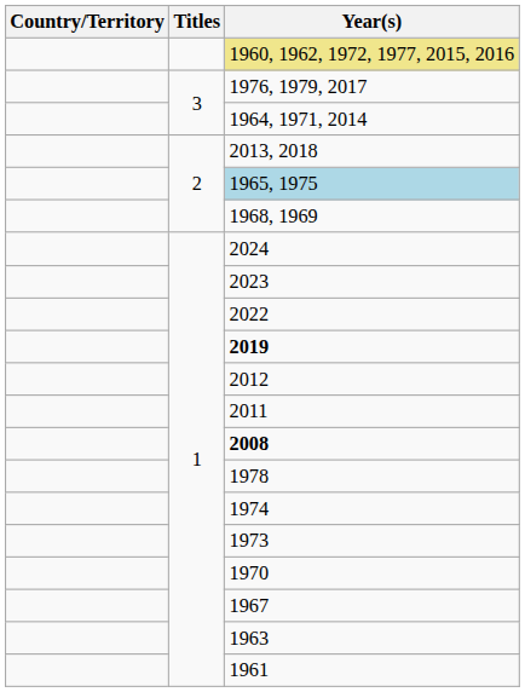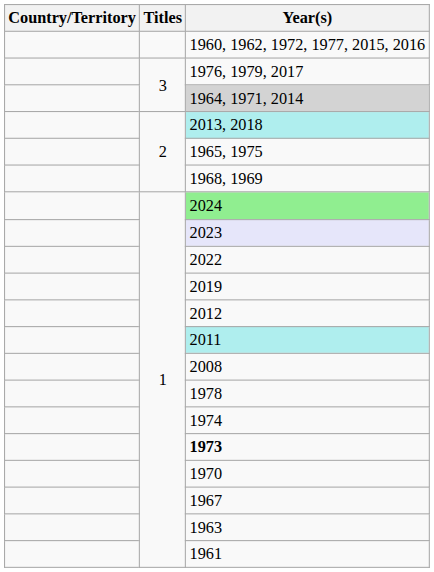 <table class="wikitable sortable" style="font-size: 95%;">
 <tr>
 <th>Country/Territory</th>
 <th>Titles</th>
 <th>Year(s)</th>
 </tr>
 <tr>
 <td></td>
 <td></td>
-<td style="background: khaki;">1960, 1962, 1972, 1977, 2015, 2016</td>
+<td>1960, 1962, 1972, 1977, 2015, 2016</td>
 </tr>
 <tr>
 <td></td>
 <td rowspan="2" style="text-align:center;">3</td>
 <td>1976, 1979, 2017</td>
 </tr>
 <tr>
 <td></td>
-<td>1964, 1971, 2014</td>
+<td style="background: lightgrey;">1964, 1971, 2014</td>
 </tr>
 <tr>
 <td></td>
 <td rowspan="3" style="text-align:center;">2</td>
-<td>2013, 2018</td>
+<td style="background: paleturquoise;">2013, 2018</td>
 </tr>
 <tr>
 <td></td>
-<td style="background: lightblue;">1965, 1975</td>
+<td>1965, 1975</td>
 </tr>
 <tr>
 <td></td>
 <td>1968, 1969</td>
 </tr>
 <tr>
 <td></td>
 <td rowspan="15" style="text-align:center;">1</td>
-<td>2024</td>
+<td style="background: lightgreen;">2024</td>
 </tr>
 <tr>
 <td></td>
-<td>2023</td>
+<td style="background: lavender;">2023</td>
 </tr>
 <tr>
 <td></td>
 <td>2022</td>
 </tr>
 <tr>
 <td></td>
-<td><strong>2019</strong></td>
+<td>2019</td>
 </tr>
 <tr>
 <td></td>
 <td>2012</td>
 </tr>
 <tr>
 <td></td>
-<td>2011</td>
+<td style="background: paleturquoise;">2011</td>
 </tr>
 <tr>
 <td></td>
-<td><strong>2008</strong></td>
+<td>2008</td>
 </tr>
 <tr>
 <td></td>
 <td>1978</td>
 </tr>
 <tr>
 <td></td>
 <td>1974</td>
 </tr>
 <tr>
 <td></td>
-<td>1973</td>
+<td><strong>1973</strong></td>
 </tr>
 <tr>
 <td></td>
 <td>1970</td>
 </tr>
 <tr>
 <td></td>
 <td>1967</td>
 </tr>
 <tr>
 <td></td>
 <td>1963</td>
 </tr>
 <tr>
 <td></td>
 <td>1961</td>
 </tr>
 </table>
